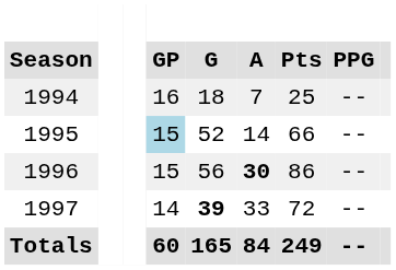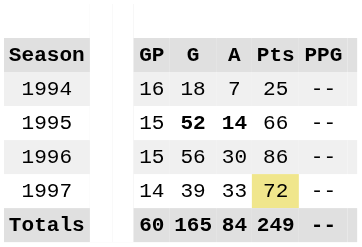 <table BORDER="0" CELLPADDING="3" CELLSPACING="0">
 <tr ALIGN="center" bgcolor="#e0e0e0">
 <th colspan="1" bgcolor="#ffffff"> </th>
 <th rowspan="99" bgcolor="#ffffff"> </th>
 <th rowspan="99" bgcolor="#ffffff"> </th>
 </tr>
 <tr ALIGN="center" bgcolor="#e0e0e0">
 <th>Season</th>
 <th>GP</th>
 <th>G</th>
 <th>A</th>
 <th>Pts</th>
 <th>PPG</th>
 <th></th>
 </tr>
 <tr ALIGN="center" bgcolor="#f0f0f0">
 <td>1994</td>
 <td>16</td>
 <td>18</td>
 <td>7</td>
 <td>25</td>
 <td>--</td>
 <td></td>
 </tr>
 <tr ALIGN="center">
 <td>1995</td>
-<td style="background: lightblue;">15</td>
-<td>52</td>
-<td>14</td>
+<td>15</td>
+<td><strong>52</strong></td>
+<td><strong>14</strong></td>
 <td>66</td>
 <td>--</td>
 <td></td>
 </tr>
 <tr ALIGN="center" bgcolor="#f0f0f0">
 <td>1996</td>
 <td>15</td>
 <td>56</td>
-<td><strong>30</strong></td>
+<td>30</td>
 <td>86</td>
 <td>--</td>
 <td></td>
 </tr>
 <tr ALIGN="center">
 <td>1997</td>
 <td>14</td>
-<td><strong>39</strong></td>
+<td>39</td>
 <td>33</td>
-<td>72</td>
+<td style="background: khaki;">72</td>
 <td>--</td>
 <td></td>
 </tr>
 <tr ALIGN="center" bgcolor="#e0e0e0">
 <th colspan="1.5">Totals</th>
 <th>60</th>
 <th>165</th>
 <th>84</th>
 <th>249</th>
 <th>--</th>
 <th></th>
 </tr>
 </table>
